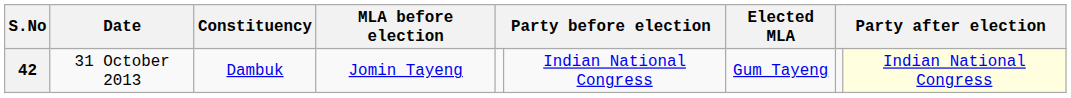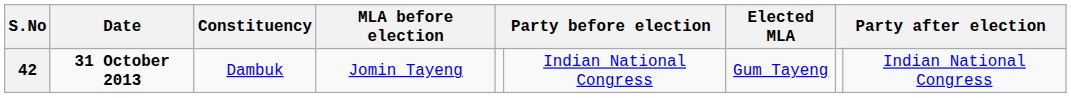 <table class="wikitable sortable" style="text-align:center;">
 <tr>
 <th>S.No</th>
 <th>Date</th>
 <th>Constituency</th>
 <th>MLA before election</th>
 <th colspan="2">Party before election</th>
 <th>Elected MLA</th>
 <th colspan="2">Party after election</th>
 </tr>
 <tr>
 <th>42</th>
-<td>31 October 2013</td>
+<td><strong>31 October 2013</strong></td>
 <td><a href='#'>Dambuk</a></td>
 <td><a href='#'>Jomin Tayeng</a></td>
 <td></td>
 <td><a href='#'>Indian National Congress</a></td>
 <td><a href='#'>Gum Tayeng</a></td>
 <td></td>
-<td style="background: lightyellow;"><a href='#'>Indian National Congress</a></td>
+<td><a href='#'>Indian National Congress</a></td>
 </tr>
 </table>
